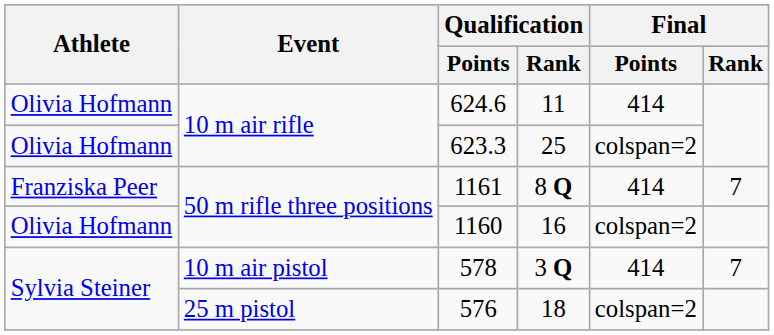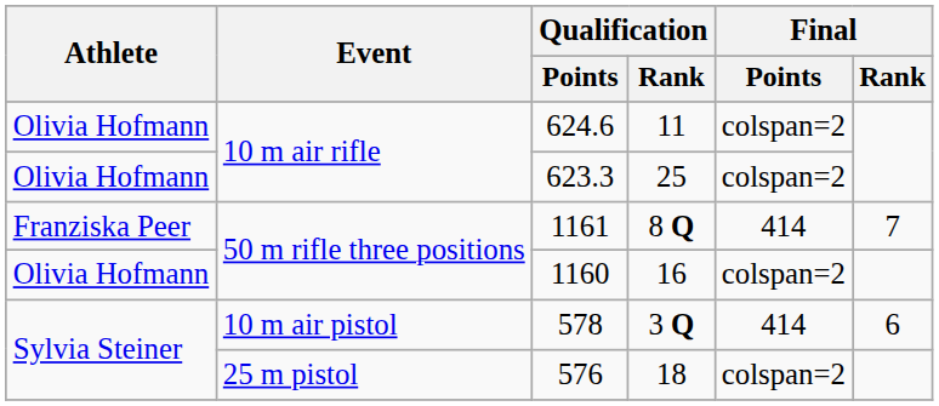 <table class="wikitable" style="text-align:center; font-size:90%">
 <tr>
 <th rowspan=2>Athlete</th>
 <th rowspan=2>Event</th>
 <th colspan=2>Qualification</th>
 <th colspan=2>Final</th>
 </tr>
 <tr style="font-size:95%">
 <th>Points</th>
 <th>Rank</th>
 <th>Points</th>
 <th>Rank</th>
 </tr>
 <tr>
 <td align=left><a href='#'>Olivia Hofmann</a></td>
 <td align=left rowspan=2><a href='#'>10 m air rifle</a></td>
 <td>624.6</td>
 <td>11</td>
-<td>414</td>
+<td>colspan=2 </td>
 </tr>
 <tr>
 <td align=left><a href='#'>Olivia Hofmann</a></td>
 <td>623.3</td>
 <td>25</td>
 <td>colspan=2 </td>
 </tr>
 <tr>
 <td align=left><a href='#'>Franziska Peer</a></td>
 <td align=left rowspan=2><a href='#'>50 m rifle three positions</a></td>
 <td>1161</td>
 <td>8 <strong>Q</strong></td>
 <td>414</td>
 <td>7</td>
 </tr>
 <tr>
 <td align=left><a href='#'>Olivia Hofmann</a></td>
 <td>1160</td>
 <td>16</td>
 <td>colspan=2 </td>
 </tr>
 <tr>
 <td align=left rowspan=2><a href='#'>Sylvia Steiner</a></td>
 <td align=left><a href='#'>10 m air pistol</a></td>
 <td>578</td>
 <td>3 <strong>Q</strong></td>
 <td>414</td>
-<td>7</td>
+<td>6</td>
 </tr>
 <tr>
 <td align=left><a href='#'>25 m pistol</a></td>
 <td>576</td>
 <td>18</td>
 <td>colspan=2 </td>
 </tr>
 </table>
